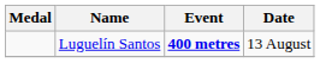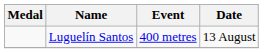 <table class="wikitable" style="font-size:90%">
 <tr>
 <th>Medal</th>
 <th>Name</th>
 <th>Event</th>
 <th>Date</th>
 </tr>
 <tr>
 <td></td>
 <td><a href='#'>Luguelín Santos</a></td>
-<td><strong><a href='#'>400 metres</a></strong></td>
+<td><a href='#'>400 metres</a></td>
 <td>13 August</td>
 </tr>
 <tr>
 </tr>
 </table>
